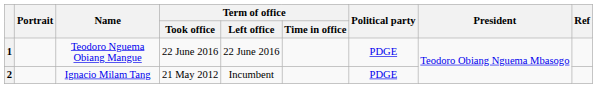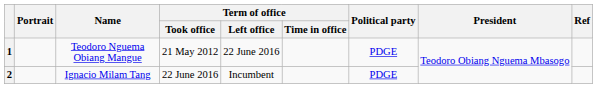 <table class="wikitable" style="text-align:center">
 <tr>
 <th rowspan="2"></th>
 <th rowspan="2">Portrait</th>
 <th rowspan="2" width="150">Name<br></th>
 <th colspan="3">Term of office</th>
 <th rowspan="2">Political party</th>
 <th rowspan="2">President</th>
 <th rowspan="2">Ref</th>
 </tr>
 <tr>
 <th>Took office</th>
 <th>Left office</th>
 <th>Time in office</th>
 </tr>
 <tr>
 <th style="background-color:">1</th>
 <td></td>
 <td><a href='#'>Teodoro Nguema Obiang Mangue</a><br></td>
-<td>22 June 2016</td>
+<td>21 May 2012</td>
 <td>22 June 2016</td>
 <td></td>
 <td><a href='#'>PDGE</a></td>
 <td rowspan=2><a href='#'>Teodoro Obiang Nguema Mbasogo</a></td>
 <td></td>
 </tr>
 <tr>
 <th style="background-color:">2</th>
 <td></td>
 <td><a href='#'>Ignacio Milam Tang</a><br></td>
-<td>21 May 2012</td>
+<td>22 June 2016</td>
 <td>Incumbent</td>
 <td></td>
 <td><a href='#'>PDGE</a></td>
 <td></td>
 </tr>
 </table>
